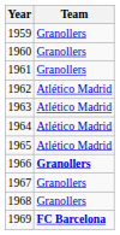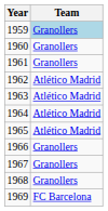 <table class="wikitable">
 <tr>
 <th scope="col">Year</th>
 <th scope="col">Team</th>
 </tr>
 <tr>
 <td>1959</td>
-<td><a href='#'>Granollers</a></td>
+<td style="background: lightblue;"><a href='#'>Granollers</a></td>
 </tr>
 <tr>
 <td>1960</td>
 <td><a href='#'>Granollers</a></td>
 </tr>
 <tr>
 <td>1961</td>
 <td><a href='#'>Granollers</a></td>
 </tr>
 <tr>
 <td>1962</td>
 <td><a href='#'>Atlético Madrid</a></td>
 </tr>
 <tr>
 <td>1963</td>
 <td><a href='#'>Atlético Madrid</a></td>
 </tr>
 <tr>
 <td>1964</td>
 <td><a href='#'>Atlético Madrid</a></td>
 </tr>
 <tr>
 <td>1965</td>
 <td><a href='#'>Atlético Madrid</a></td>
 </tr>
 <tr>
 <td>1966</td>
-<td><strong><a href='#'>Granollers</a></strong></td>
+<td><a href='#'>Granollers</a></td>
 </tr>
 <tr>
 <td>1967</td>
 <td><a href='#'>Granollers</a></td>
 </tr>
 <tr>
 <td>1968</td>
 <td><a href='#'>Granollers</a></td>
 </tr>
 <tr>
 <td>1969</td>
-<td><strong><a href='#'>FC Barcelona</a></strong></td>
+<td><a href='#'>FC Barcelona</a></td>
 </tr>
 </table>
